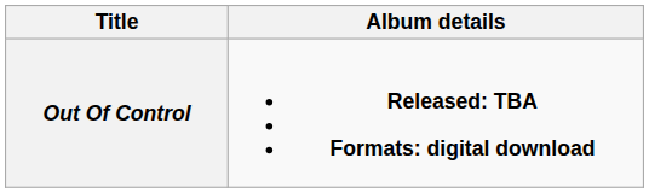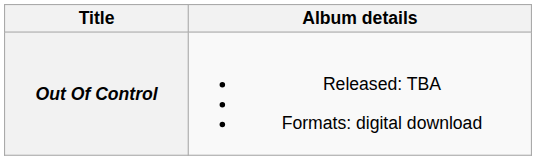 <table class="wikitable plainrowheaders" style="text-align:center;" border="1">
 <tr>
 <th scope="col" style="width:10em;">Title</th>
 <th scope="col" style="width:19em;">Album details</th>
 </tr>
 <tr>
 <th scope="row"><em>Out Of Control</em></th>
-<td><strong><br><ul><li>Released: TBA</li><li></li><li>Formats: digital download</li></ul></strong></td>
+<td><br><ul><li>Released: TBA</li><li></li><li>Formats: digital download</li></ul></td>
 </tr>
 </table>
